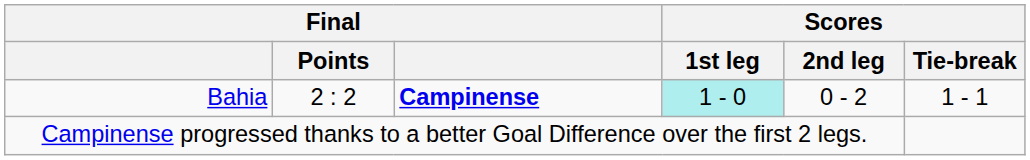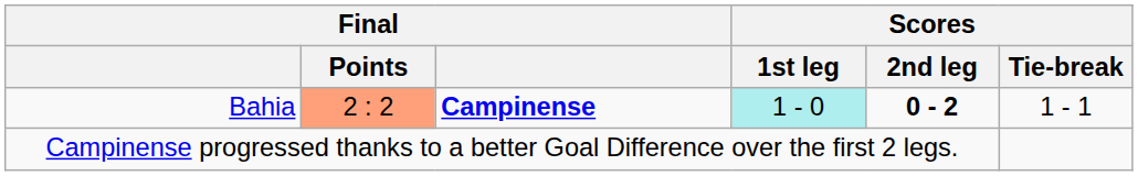 <table class="wikitable" style="text-align:center;">
 <tr>
 <th colspan=3>Final</th>
 <th colspan=3>Scores</th>
 </tr>
 <tr>
 <th width="175"></th>
 <th width="75">Points</th>
 <th width="175"></th>
 <th width="75">1st leg</th>
 <th width="75">2nd leg</th>
 <th width="75">Tie-break</th>
 </tr>
 <tr>
 <td align=right><a href='#'>Bahia</a></td>
-<td>2 : 2</td>
+<td style="background: lightsalmon;">2 : 2</td>
 <td align=left><strong><a href='#'>Campinense</a></strong></td>
 <td style="background: paleturquoise;">1 - 0</td>
-<td>0 - 2</td>
+<td><strong>0 - 2</strong></td>
 <td>1 - 1</td>
 </tr>
 <tr>
 <td colspan=5><a href='#'>Campinense</a> progressed thanks to a better Goal Difference over the first 2 legs.</td>
 </tr>
 </table>
